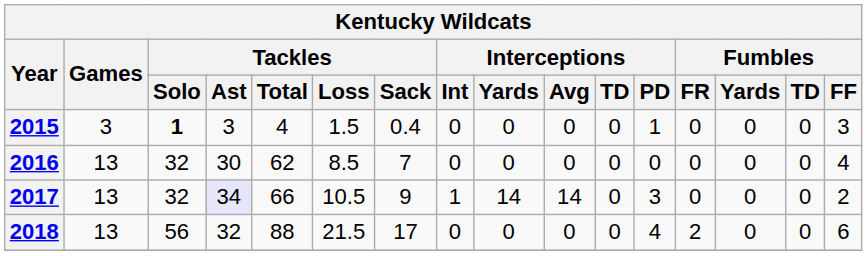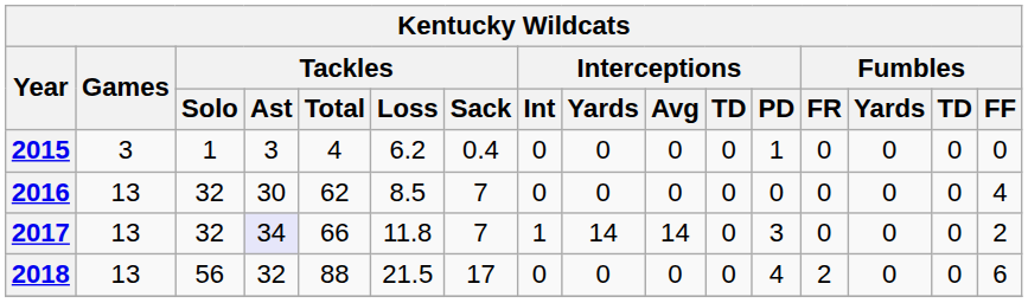 <table class="wikitable" style="text-align:center;">
 <tr>
 <th colspan=18>Kentucky Wildcats</th>
 </tr>
 <tr>
 <th rowspan="2">Year</th>
 <th rowspan="2">Games</th>
 <th colspan="5">Tackles</th>
 <th colspan="5">Interceptions</th>
 <th colspan="4">Fumbles</th>
 </tr>
 <tr>
 <th>Solo</th>
 <th>Ast</th>
 <th>Total</th>
 <th>Loss</th>
 <th>Sack</th>
 <th>Int</th>
 <th>Yards</th>
 <th>Avg</th>
 <th>TD</th>
 <th>PD</th>
 <th>FR</th>
 <th>Yards</th>
 <th>TD</th>
 <th>FF</th>
 </tr>
 <tr>
 <th><a href='#'>2015</a></th>
 <td>3</td>
-<td><strong>1</strong></td>
+<td>1</td>
 <td>3</td>
 <td>4</td>
-<td>1.5</td>
+<td>6.2</td>
 <td>0.4</td>
 <td>0</td>
 <td>0</td>
 <td>0</td>
 <td>0</td>
 <td>1</td>
 <td>0</td>
 <td>0</td>
 <td>0</td>
-<td>3</td>
+<td>0</td>
 </tr>
 <tr>
 <th><a href='#'>2016</a></th>
 <td>13</td>
 <td>32</td>
 <td>30</td>
 <td>62</td>
 <td>8.5</td>
 <td>7</td>
 <td>0</td>
 <td>0</td>
 <td>0</td>
 <td>0</td>
 <td>0</td>
 <td>0</td>
 <td>0</td>
 <td>0</td>
 <td>4</td>
 </tr>
 <tr>
 <th><a href='#'>2017</a></th>
 <td>13</td>
 <td>32</td>
 <td style="background: lavender;">34</td>
 <td>66</td>
-<td>10.5</td>
-<td>9</td>
+<td>11.8</td>
+<td>7</td>
 <td>1</td>
 <td>14</td>
 <td>14</td>
 <td>0</td>
 <td>3</td>
 <td>0</td>
 <td>0</td>
 <td>0</td>
 <td>2</td>
 </tr>
 <tr>
 <th><a href='#'>2018</a></th>
 <td>13</td>
 <td>56</td>
 <td>32</td>
 <td>88</td>
 <td>21.5</td>
 <td>17</td>
 <td>0</td>
 <td>0</td>
 <td>0</td>
 <td>0</td>
 <td>4</td>
 <td>2</td>
 <td>0</td>
 <td>0</td>
 <td>6</td>
 </tr>
 <tr>
 </tr>
 </table>
